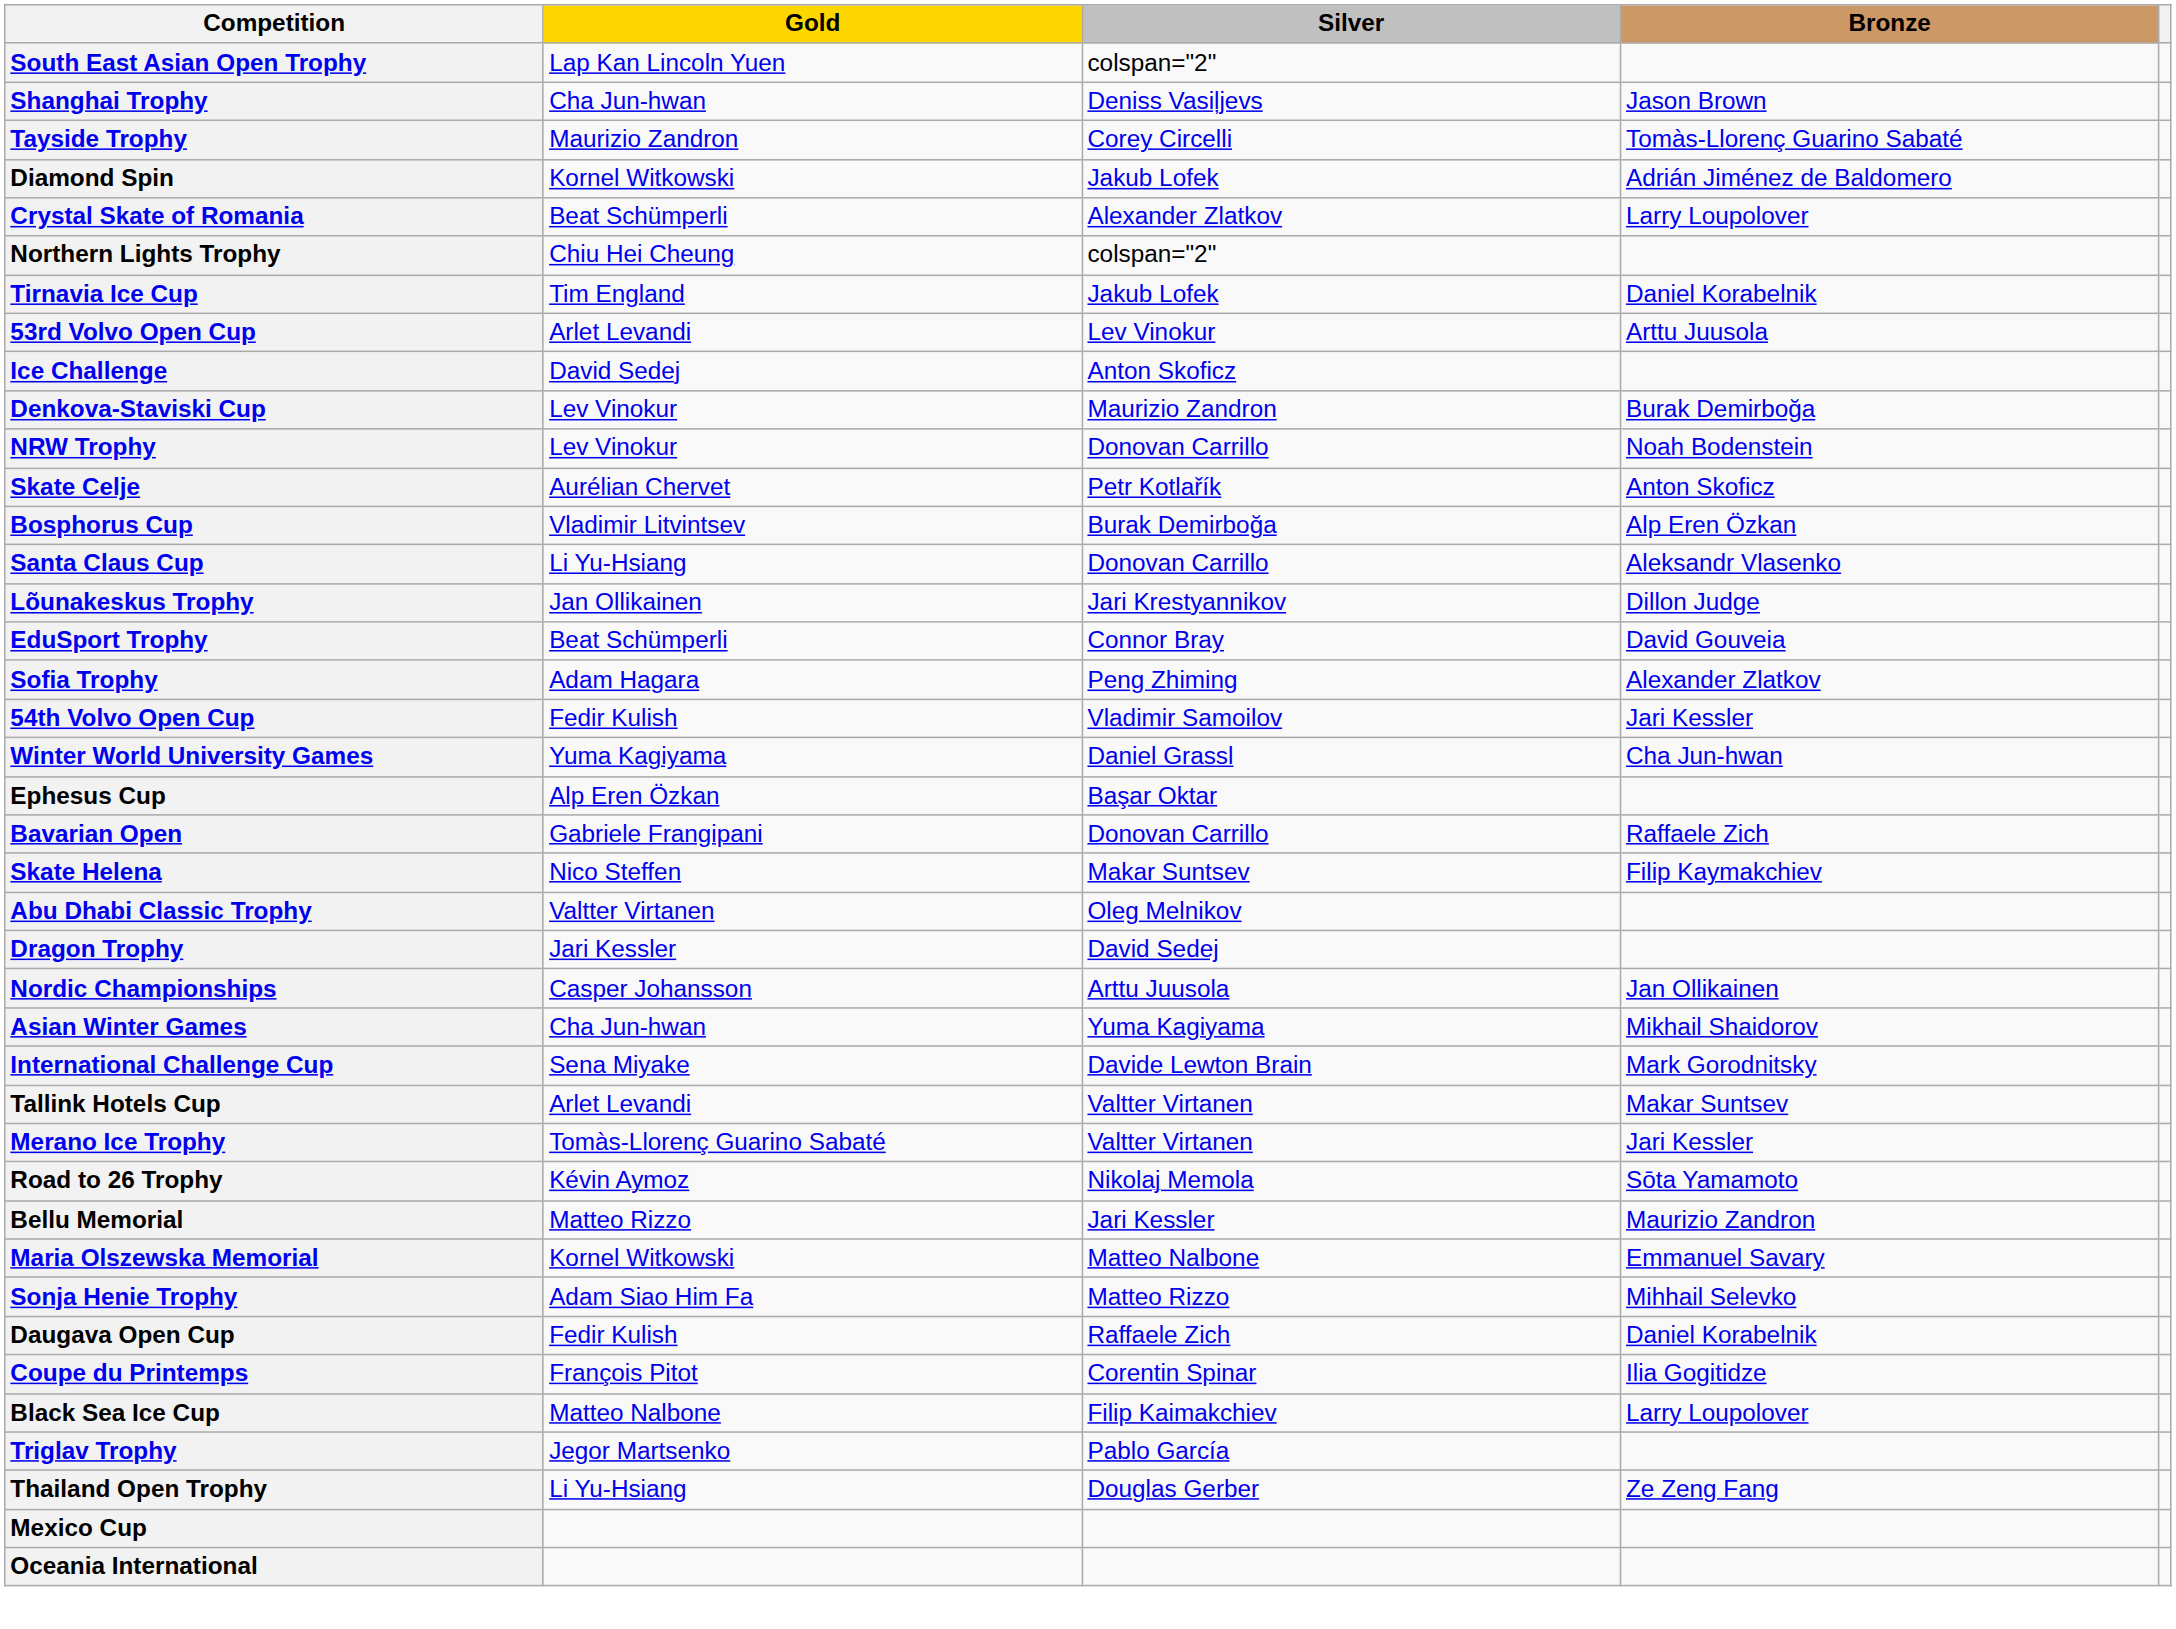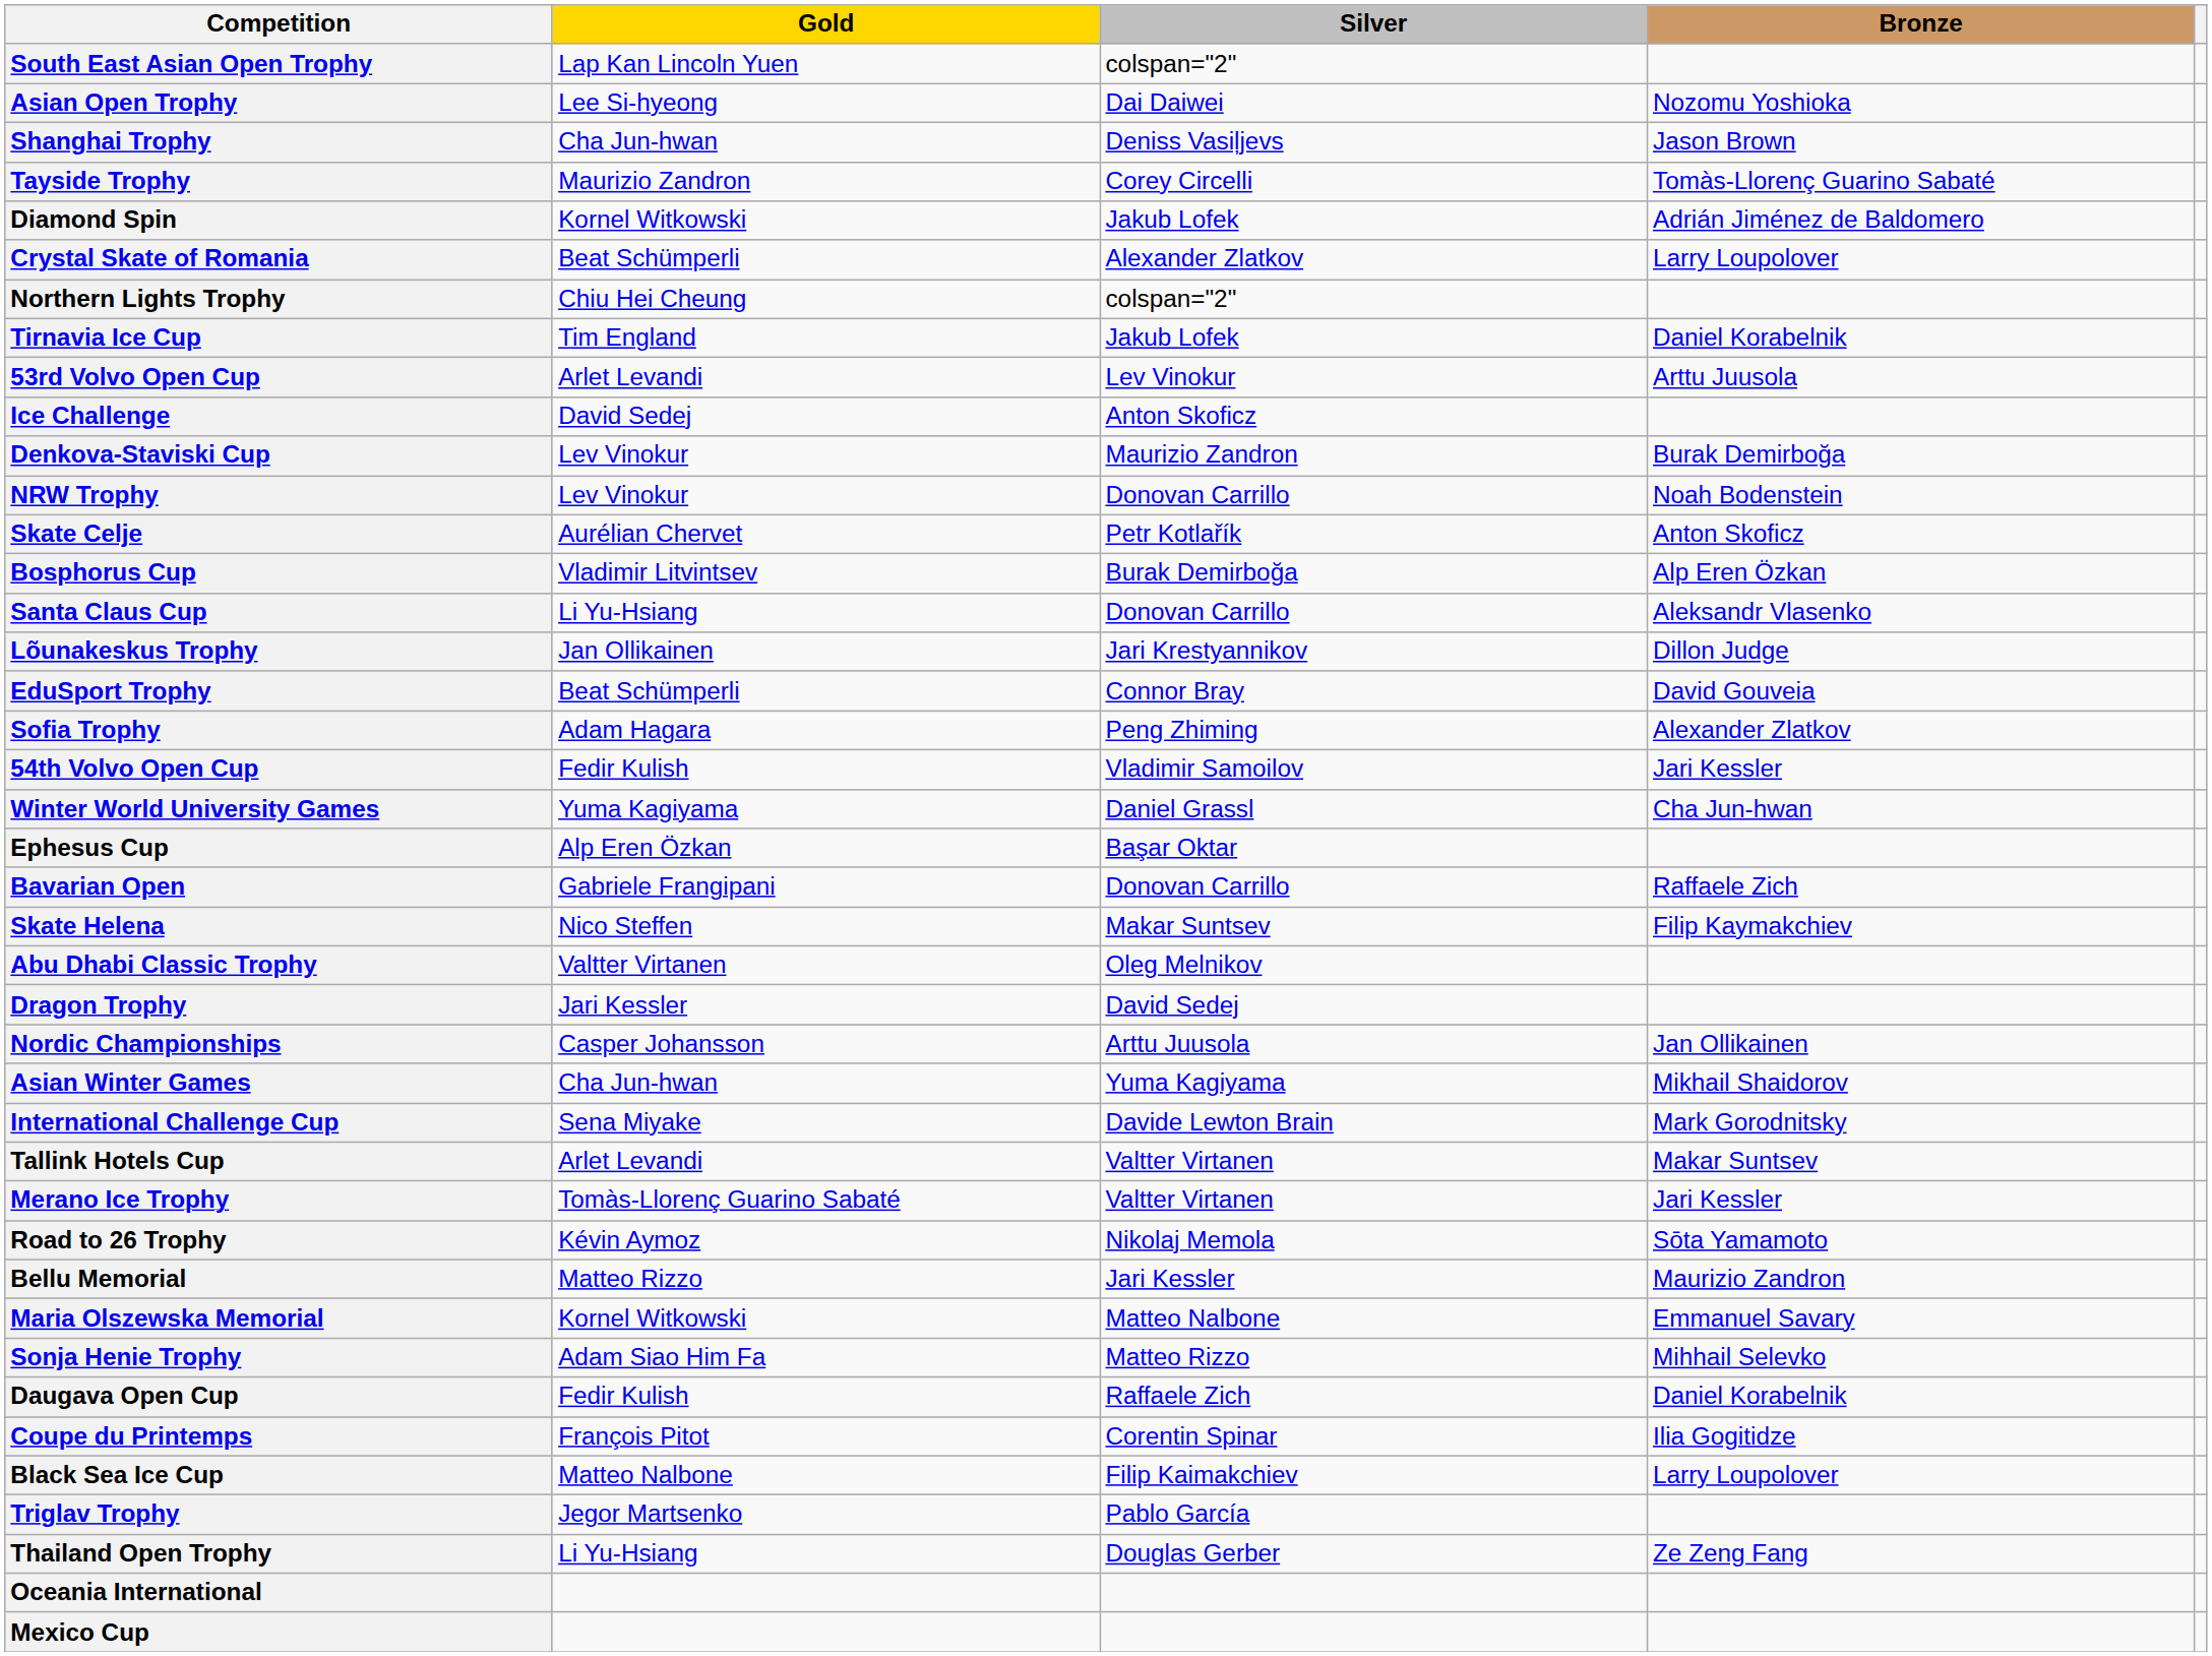 <table class="wikitable unsortable" style="text-align:left; width:90%">
 <tr>
 <th scope="col" style="text-align:center; width:25%">Competition</th>
 <td scope="col" style="text-align:center; width:25%; background:gold"><strong>Gold</strong></td>
 <td scope="col" style="text-align:center; width:25%; background:silver"><strong>Silver</strong></td>
 <td scope="col" style="text-align:center; width:25%; background:#c96"><strong>Bronze</strong></td>
 <th scope="col" style="text-align:center"></th>
 </tr>
 <tr>
 <th scope="row" style="text-align:left"> <a href='#'>South East Asian Open Trophy</a></th>
 <td> <a href='#'>Lap Kan Lincoln Yuen</a></td>
 <td>colspan="2" </td>
+<td></td>
+</tr>
+<tr>
+<th scope="row" style="text-align:left"> <a href='#'>Asian Open Trophy</a></th>
+<td> <a href='#'>Lee Si-hyeong</a></td>
+<td> <a href='#'>Dai Daiwei</a></td>
+<td> <a href='#'>Nozomu Yoshioka</a></td>
 <td></td>
 </tr>
 <tr>
 <th scope="row" style="text-align:left"> <a href='#'>Shanghai Trophy</a></th>
 <td> <a href='#'>Cha Jun-hwan</a></td>
 <td> <a href='#'>Deniss Vasiļjevs</a></td>
 <td> <a href='#'>Jason Brown</a></td>
 <td></td>
 </tr>
 <tr>
 <th scope="row" style="text-align:left"> <a href='#'>Tayside Trophy</a></th>
 <td> <a href='#'>Maurizio Zandron</a></td>
 <td> <a href='#'>Corey Circelli</a></td>
 <td> <a href='#'>Tomàs-Llorenç Guarino Sabaté</a></td>
 <td></td>
 </tr>
 <tr>
 <th scope="row" style="text-align:left"> Diamond Spin</th>
 <td> <a href='#'>Kornel Witkowski</a></td>
 <td> <a href='#'>Jakub Lofek</a></td>
 <td> <a href='#'>Adrián Jiménez de Baldomero</a></td>
 <td></td>
 </tr>
 <tr>
 <th scope="row" style="text-align:left"> <a href='#'>Crystal Skate of Romania</a></th>
 <td> <a href='#'>Beat Schümperli</a></td>
 <td> <a href='#'>Alexander Zlatkov</a></td>
 <td> <a href='#'>Larry Loupolover</a></td>
 <td></td>
 </tr>
 <tr>
 <th scope="row" style="text-align:left"> Northern Lights Trophy</th>
 <td> <a href='#'>Chiu Hei Cheung</a></td>
 <td>colspan="2" </td>
 <td></td>
 </tr>
 <tr>
 <th scope="row" style="text-align:left"> <a href='#'>Tirnavia Ice Cup</a></th>
 <td> <a href='#'>Tim England</a></td>
 <td> <a href='#'>Jakub Lofek</a></td>
 <td> <a href='#'>Daniel Korabelnik</a></td>
 <td></td>
 </tr>
 <tr>
 <th scope="row" style="text-align:left"> <a href='#'>53rd Volvo Open Cup</a></th>
 <td> <a href='#'>Arlet Levandi</a></td>
 <td> <a href='#'>Lev Vinokur</a></td>
 <td> <a href='#'>Arttu Juusola</a></td>
 <td></td>
 </tr>
 <tr>
 <th scope="row" style="text-align:left"> <a href='#'>Ice Challenge</a></th>
 <td> <a href='#'>David Sedej</a></td>
 <td> <a href='#'>Anton Skoficz</a></td>
 <td></td>
 <td></td>
 </tr>
 <tr>
 <th scope="row" style="text-align:left"> <a href='#'>Denkova-Staviski Cup</a></th>
 <td> <a href='#'>Lev Vinokur</a></td>
 <td> <a href='#'>Maurizio Zandron</a></td>
 <td> <a href='#'>Burak Demirboğa</a></td>
 <td></td>
 </tr>
 <tr>
 <th scope="row" style="text-align:left"> <a href='#'>NRW Trophy</a></th>
 <td> <a href='#'>Lev Vinokur</a></td>
 <td> <a href='#'>Donovan Carrillo</a></td>
 <td> <a href='#'>Noah Bodenstein</a></td>
 <td></td>
 </tr>
 <tr>
 <th scope="row" style="text-align:left"> <a href='#'>Skate Celje</a></th>
 <td> <a href='#'>Aurélian Chervet</a></td>
 <td> <a href='#'>Petr Kotlařík</a></td>
 <td> <a href='#'>Anton Skoficz</a></td>
 <td></td>
 </tr>
 <tr>
 <th scope="row" style="text-align:left"> <a href='#'>Bosphorus Cup</a></th>
 <td> <a href='#'>Vladimir Litvintsev</a></td>
 <td> <a href='#'>Burak Demirboğa</a></td>
 <td> <a href='#'>Alp Eren Özkan</a></td>
 <td></td>
 </tr>
 <tr>
 <th scope="row" style="text-align:left"> <a href='#'>Santa Claus Cup</a></th>
 <td> <a href='#'>Li Yu-Hsiang</a></td>
 <td> <a href='#'>Donovan Carrillo</a></td>
 <td> <a href='#'>Aleksandr Vlasenko</a></td>
 <td></td>
 </tr>
 <tr>
 <th scope="row" style="text-align:left"> <a href='#'>Lõunakeskus Trophy</a></th>
 <td> <a href='#'>Jan Ollikainen</a></td>
 <td> <a href='#'>Jari Krestyannikov</a></td>
 <td> <a href='#'>Dillon Judge</a></td>
 <td></td>
 </tr>
 <tr>
 <th scope="row" style="text-align:left"> <a href='#'>EduSport Trophy</a></th>
 <td> <a href='#'>Beat Schümperli</a></td>
 <td> <a href='#'>Connor Bray</a></td>
 <td> <a href='#'>David Gouveia</a></td>
 <td></td>
 </tr>
 <tr>
 <th scope="row" style="text-align:left"> <a href='#'>Sofia Trophy</a></th>
 <td> <a href='#'>Adam Hagara</a></td>
 <td> <a href='#'>Peng Zhiming</a></td>
 <td> <a href='#'>Alexander Zlatkov</a></td>
 <td></td>
 </tr>
 <tr>
 <th scope="row" style="text-align:left"> <a href='#'>54th Volvo Open Cup</a></th>
 <td> <a href='#'>Fedir Kulish</a></td>
 <td> <a href='#'>Vladimir Samoilov</a></td>
 <td> <a href='#'>Jari Kessler</a></td>
 <td></td>
 </tr>
 <tr>
 <th scope="row" style="text-align:left"> <a href='#'>Winter World University Games</a></th>
 <td> <a href='#'>Yuma Kagiyama</a></td>
 <td> <a href='#'>Daniel Grassl</a></td>
 <td> <a href='#'>Cha Jun-hwan</a></td>
 <td></td>
 </tr>
 <tr>
 <th scope="row" style="text-align:left"> Ephesus Cup</th>
 <td> <a href='#'>Alp Eren Özkan</a></td>
 <td> <a href='#'>Başar Oktar</a></td>
 <td></td>
 <td></td>
 </tr>
 <tr>
 <th scope="row" style="text-align:left"> <a href='#'>Bavarian Open</a></th>
 <td> <a href='#'>Gabriele Frangipani</a></td>
 <td> <a href='#'>Donovan Carrillo</a></td>
 <td> <a href='#'>Raffaele Zich</a></td>
 <td></td>
 </tr>
 <tr>
 <th scope="row" style="text-align:left"> <a href='#'>Skate Helena</a></th>
 <td> <a href='#'>Nico Steffen</a></td>
 <td> <a href='#'>Makar Suntsev</a></td>
 <td> <a href='#'>Filip Kaymakchiev</a></td>
 <td></td>
 </tr>
 <tr>
 <th scope="row" style="text-align:left"> <a href='#'>Abu Dhabi Classic Trophy</a></th>
 <td> <a href='#'>Valtter Virtanen</a></td>
 <td> <a href='#'>Oleg Melnikov</a></td>
 <td></td>
 <td></td>
 </tr>
 <tr>
 <th scope="row" style="text-align:left"> <a href='#'>Dragon Trophy</a></th>
 <td> <a href='#'>Jari Kessler</a></td>
 <td> <a href='#'>David Sedej</a></td>
 <td></td>
 <td></td>
 </tr>
 <tr>
 <th scope="row" style="text-align:left"> <a href='#'>Nordic Championships</a></th>
 <td> <a href='#'>Casper Johansson</a></td>
 <td> <a href='#'>Arttu Juusola</a></td>
 <td> <a href='#'>Jan Ollikainen</a></td>
 <td></td>
 </tr>
 <tr>
 <th scope="row" style="text-align:left"> <a href='#'>Asian Winter Games</a></th>
 <td> <a href='#'>Cha Jun-hwan</a></td>
 <td> <a href='#'>Yuma Kagiyama</a></td>
 <td> <a href='#'>Mikhail Shaidorov</a></td>
 <td></td>
 </tr>
 <tr>
 <th scope="row" style="text-align:left"> <a href='#'>International Challenge Cup</a></th>
 <td> <a href='#'>Sena Miyake</a></td>
 <td> <a href='#'>Davide Lewton Brain</a></td>
 <td> <a href='#'>Mark Gorodnitsky</a></td>
 <td></td>
 </tr>
 <tr>
 <th scope="row" style="text-align:left"> Tallink Hotels Cup</th>
 <td> <a href='#'>Arlet Levandi</a></td>
 <td> <a href='#'>Valtter Virtanen</a></td>
 <td> <a href='#'>Makar Suntsev</a></td>
 <td></td>
 </tr>
 <tr>
 <th scope="row" style="text-align:left"> <a href='#'>Merano Ice Trophy</a></th>
 <td> <a href='#'>Tomàs-Llorenç Guarino Sabaté</a></td>
 <td> <a href='#'>Valtter Virtanen</a></td>
 <td> <a href='#'>Jari Kessler</a></td>
 <td></td>
 </tr>
 <tr>
 <th scope="row" style="text-align:left"> Road to 26 Trophy</th>
 <td> <a href='#'>Kévin Aymoz</a></td>
 <td> <a href='#'>Nikolaj Memola</a></td>
 <td> <a href='#'>Sōta Yamamoto</a></td>
 <td></td>
 </tr>
 <tr>
 <th scope="row" style="text-align:left"> Bellu Memorial</th>
 <td> <a href='#'>Matteo Rizzo</a></td>
 <td> <a href='#'>Jari Kessler</a></td>
 <td> <a href='#'>Maurizio Zandron</a></td>
 <td></td>
 </tr>
 <tr>
 <th scope="row" style="text-align:left"> <a href='#'>Maria Olszewska Memorial</a></th>
 <td> <a href='#'>Kornel Witkowski</a></td>
 <td> <a href='#'>Matteo Nalbone</a></td>
 <td> <a href='#'>Emmanuel Savary</a></td>
 <td></td>
 </tr>
 <tr>
 <th scope="row" style="text-align:left"> <a href='#'>Sonja Henie Trophy</a></th>
 <td> <a href='#'>Adam Siao Him Fa</a></td>
 <td> <a href='#'>Matteo Rizzo</a></td>
 <td> <a href='#'>Mihhail Selevko</a></td>
 <td></td>
 </tr>
 <tr>
 <th scope="row" style="text-align:left"> Daugava Open Cup</th>
 <td> <a href='#'>Fedir Kulish</a></td>
 <td> <a href='#'>Raffaele Zich</a></td>
 <td> <a href='#'>Daniel Korabelnik</a></td>
 <td></td>
 </tr>
 <tr>
 <th scope="row" style="text-align:left"> <a href='#'>Coupe du Printemps</a></th>
 <td> <a href='#'>François Pitot</a></td>
 <td> <a href='#'>Corentin Spinar</a></td>
 <td> <a href='#'>Ilia Gogitidze</a></td>
 <td></td>
 </tr>
 <tr>
 <th scope="row" style="text-align:left"> Black Sea Ice Cup</th>
 <td> <a href='#'>Matteo Nalbone</a></td>
 <td> <a href='#'>Filip Kaimakchiev</a></td>
 <td> <a href='#'>Larry Loupolover</a></td>
 <td></td>
 </tr>
 <tr>
 <th scope="row" style="text-align:left"> <a href='#'>Triglav Trophy</a></th>
 <td> <a href='#'>Jegor Martsenko</a></td>
 <td> <a href='#'>Pablo García</a></td>
 <td></td>
 <td></td>
 </tr>
 <tr>
 <th scope="row" style="text-align:left"> Thailand Open Trophy</th>
 <td> <a href='#'>Li Yu-Hsiang</a></td>
 <td> <a href='#'>Douglas Gerber</a></td>
 <td> <a href='#'>Ze Zeng Fang</a></td>
 <td></td>
 </tr>
 <tr>
+<th scope="row" style="text-align:left"> Oceania International</th>
+<td></td>
+<td></td>
+<td></td>
+<td></td>
+</tr>
+<tr>
 <th scope="row" style="text-align:left"> Mexico Cup</th>
 <td></td>
 <td></td>
 <td></td>
 <td></td>
 </tr>
-<tr>
-<th scope="row" style="text-align:left"> Oceania International</th>
-<td></td>
-<td></td>
-<td></td>
-<td></td>
-</tr>
 </table>
